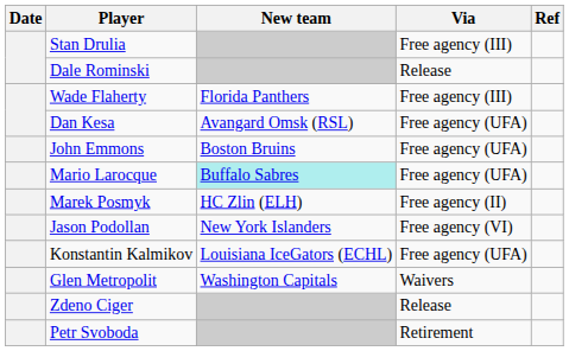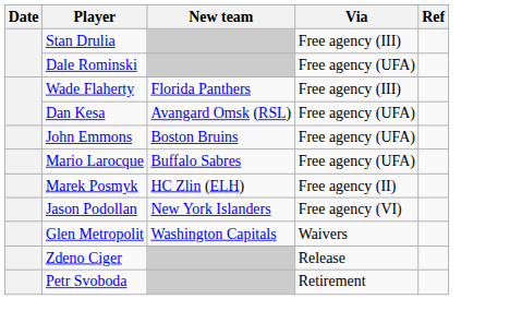 <table class="wikitable plainrowheaders">
 <tr style="background:#ddd; text-align:center;">
 <th>Date</th>
 <th>Player</th>
 <th>New team</th>
 <th>Via</th>
 <th>Ref</th>
 </tr>
 <tr>
 <th scope="row" rowspan=2></th>
 <td><a href='#'>Stan Drulia</a></td>
 <td style="background:#ccc"></td>
 <td>Free agency (III)</td>
 <td></td>
 </tr>
 <tr>
 <td><a href='#'>Dale Rominski</a></td>
 <td style="background:#ccc"></td>
-<td>Release</td>
+<td>Free agency (UFA)</td>
 <td></td>
 </tr>
 <tr>
 <th scope="row" rowspan=2></th>
 <td><a href='#'>Wade Flaherty</a></td>
 <td><a href='#'>Florida Panthers</a></td>
 <td>Free agency (III)</td>
 <td></td>
 </tr>
 <tr>
 <td><a href='#'>Dan Kesa</a></td>
 <td><a href='#'>Avangard Omsk</a> (<a href='#'>RSL</a>)</td>
 <td>Free agency (UFA)</td>
 <td></td>
 </tr>
 <tr>
 <th scope="row"></th>
 <td><a href='#'>John Emmons</a></td>
 <td><a href='#'>Boston Bruins</a></td>
 <td>Free agency (UFA)</td>
 <td></td>
 </tr>
 <tr>
 <th scope="row"></th>
 <td><a href='#'>Mario Larocque</a></td>
-<td style="background: paleturquoise;"><a href='#'>Buffalo Sabres</a></td>
+<td><a href='#'>Buffalo Sabres</a></td>
 <td>Free agency (UFA)</td>
 <td></td>
 </tr>
 <tr>
 <th scope="row"></th>
 <td><a href='#'>Marek Posmyk</a></td>
 <td><a href='#'>HC Zlin</a> (<a href='#'>ELH</a>)</td>
 <td>Free agency (II)</td>
 <td></td>
 </tr>
 <tr>
 <th scope="row"></th>
 <td><a href='#'>Jason Podollan</a></td>
 <td><a href='#'>New York Islanders</a></td>
 <td>Free agency (VI)</td>
-<td></td>
-</tr>
-<tr>
-<th scope="row"></th>
-<td>Konstantin Kalmikov</td>
-<td><a href='#'>Louisiana IceGators</a> (<a href='#'>ECHL</a>)</td>
-<td>Free agency (UFA)</td>
 <td></td>
 </tr>
 <tr>
 <th scope="row"></th>
 <td><a href='#'>Glen Metropolit</a></td>
 <td><a href='#'>Washington Capitals</a></td>
 <td>Waivers</td>
 <td></td>
 </tr>
 <tr>
 <th scope="row"></th>
 <td><a href='#'>Zdeno Ciger</a></td>
 <td style="background:#ccc"></td>
 <td>Release</td>
 <td></td>
 </tr>
 <tr>
 <th scope="row"></th>
 <td><a href='#'>Petr Svoboda</a></td>
 <td style="background:#ccc"></td>
 <td>Retirement</td>
 <td></td>
 </tr>
 </table>
